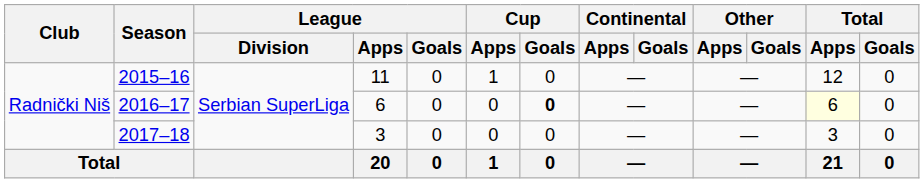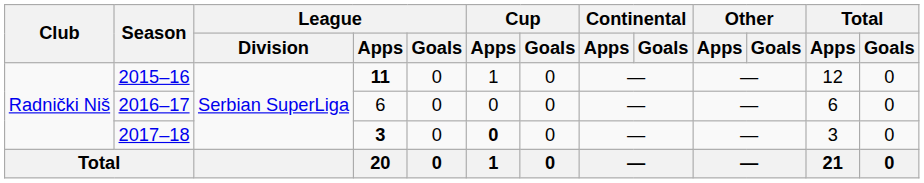 <table class="wikitable" style="text-align:center">
 <tr>
 <th rowspan="2">Club</th>
 <th rowspan="2">Season</th>
 <th colspan="3">League</th>
 <th colspan="2">Cup</th>
 <th colspan="2">Continental</th>
 <th colspan="2">Other</th>
 <th colspan="2">Total</th>
 </tr>
 <tr>
 <th>Division</th>
 <th>Apps</th>
 <th>Goals</th>
 <th>Apps</th>
 <th>Goals</th>
 <th>Apps</th>
 <th>Goals</th>
 <th>Apps</th>
 <th>Goals</th>
 <th>Apps</th>
 <th>Goals</th>
 </tr>
 <tr>
 <td rowspan="3"><a href='#'>Radnički Niš</a></td>
 <td><a href='#'>2015–16</a></td>
 <td rowspan=3><a href='#'>Serbian SuperLiga</a></td>
-<td>11</td>
+<td><strong>11</strong></td>
 <td>0</td>
 <td>1</td>
 <td>0</td>
 <td colspan="2">—</td>
 <td colspan="2">—</td>
 <td>12</td>
 <td>0</td>
 </tr>
 <tr>
 <td><a href='#'>2016–17</a></td>
 <td>6</td>
 <td>0</td>
 <td>0</td>
-<td><strong>0</strong></td>
+<td>0</td>
 <td colspan="2">—</td>
 <td colspan="2">—</td>
-<td style="background: lightyellow;">6</td>
+<td>6</td>
 <td>0</td>
 </tr>
 <tr>
 <td><a href='#'>2017–18</a></td>
-<td>3</td>
+<td><strong>3</strong></td>
 <td>0</td>
-<td>0</td>
+<td><strong>0</strong></td>
 <td>0</td>
 <td colspan="2">—</td>
 <td colspan="2">—</td>
 <td>3</td>
 <td>0</td>
 </tr>
 <tr>
 <th colspan="2">Total</th>
 <th></th>
 <th>20</th>
 <th>0</th>
 <th>1</th>
 <th>0</th>
 <th colspan="2">—</th>
 <th colspan="2">—</th>
 <th>21</th>
 <th>0</th>
 </tr>
 </table>
